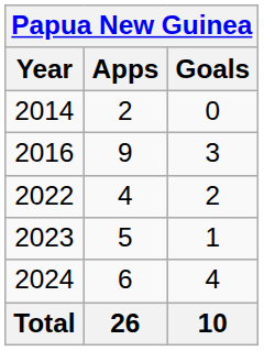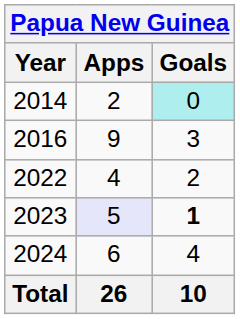 <table class="wikitable" style="text-align:center">
 <tr>
 <th colspan=3><a href='#'>Papua New Guinea</a></th>
 </tr>
 <tr>
 <th>Year</th>
 <th>Apps</th>
 <th>Goals</th>
 </tr>
 <tr>
 <td>2014</td>
 <td>2</td>
-<td>0</td>
+<td style="background: paleturquoise;">0</td>
 </tr>
 <tr>
 <td>2016</td>
 <td>9</td>
 <td>3</td>
 </tr>
 <tr>
 <td>2022</td>
 <td>4</td>
 <td>2</td>
 </tr>
 <tr>
 <td>2023</td>
-<td>5</td>
-<td>1</td>
+<td style="background: lavender;">5</td>
+<td><strong>1</strong></td>
 </tr>
 <tr>
 <td>2024</td>
 <td>6</td>
 <td>4</td>
 </tr>
 <tr>
 <th>Total</th>
 <th>26</th>
 <th>10</th>
 </tr>
 </table>
